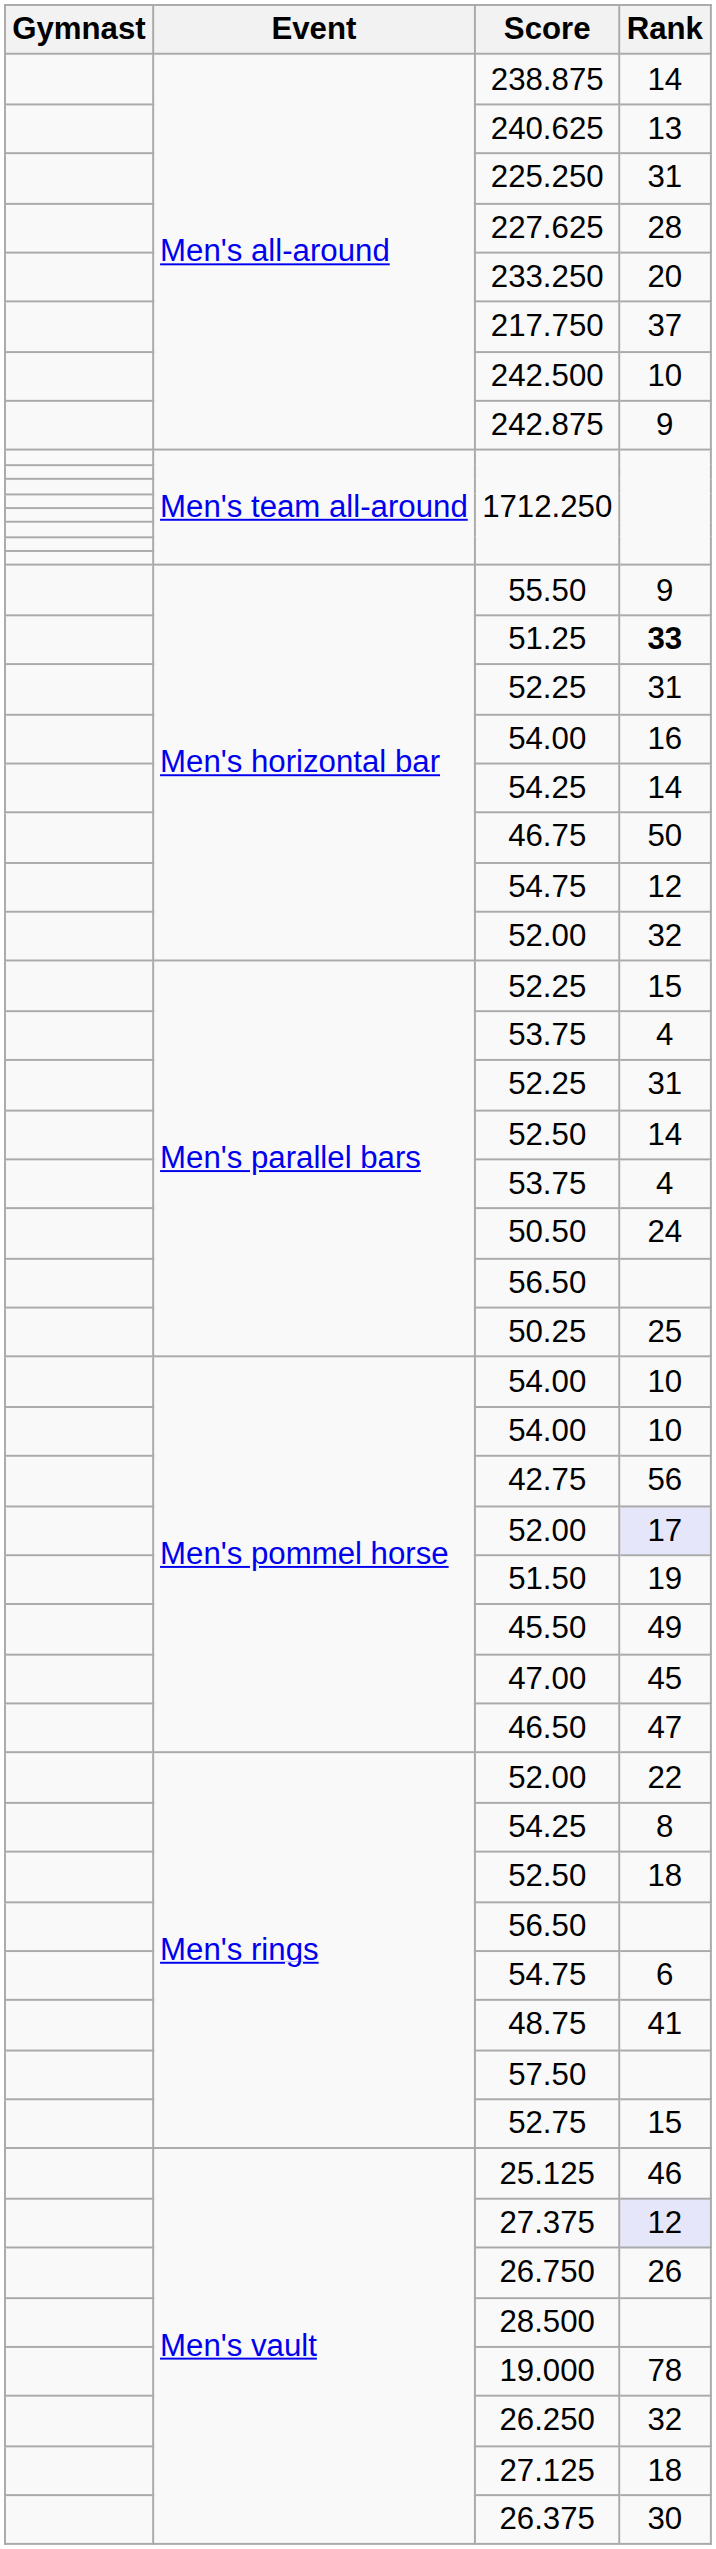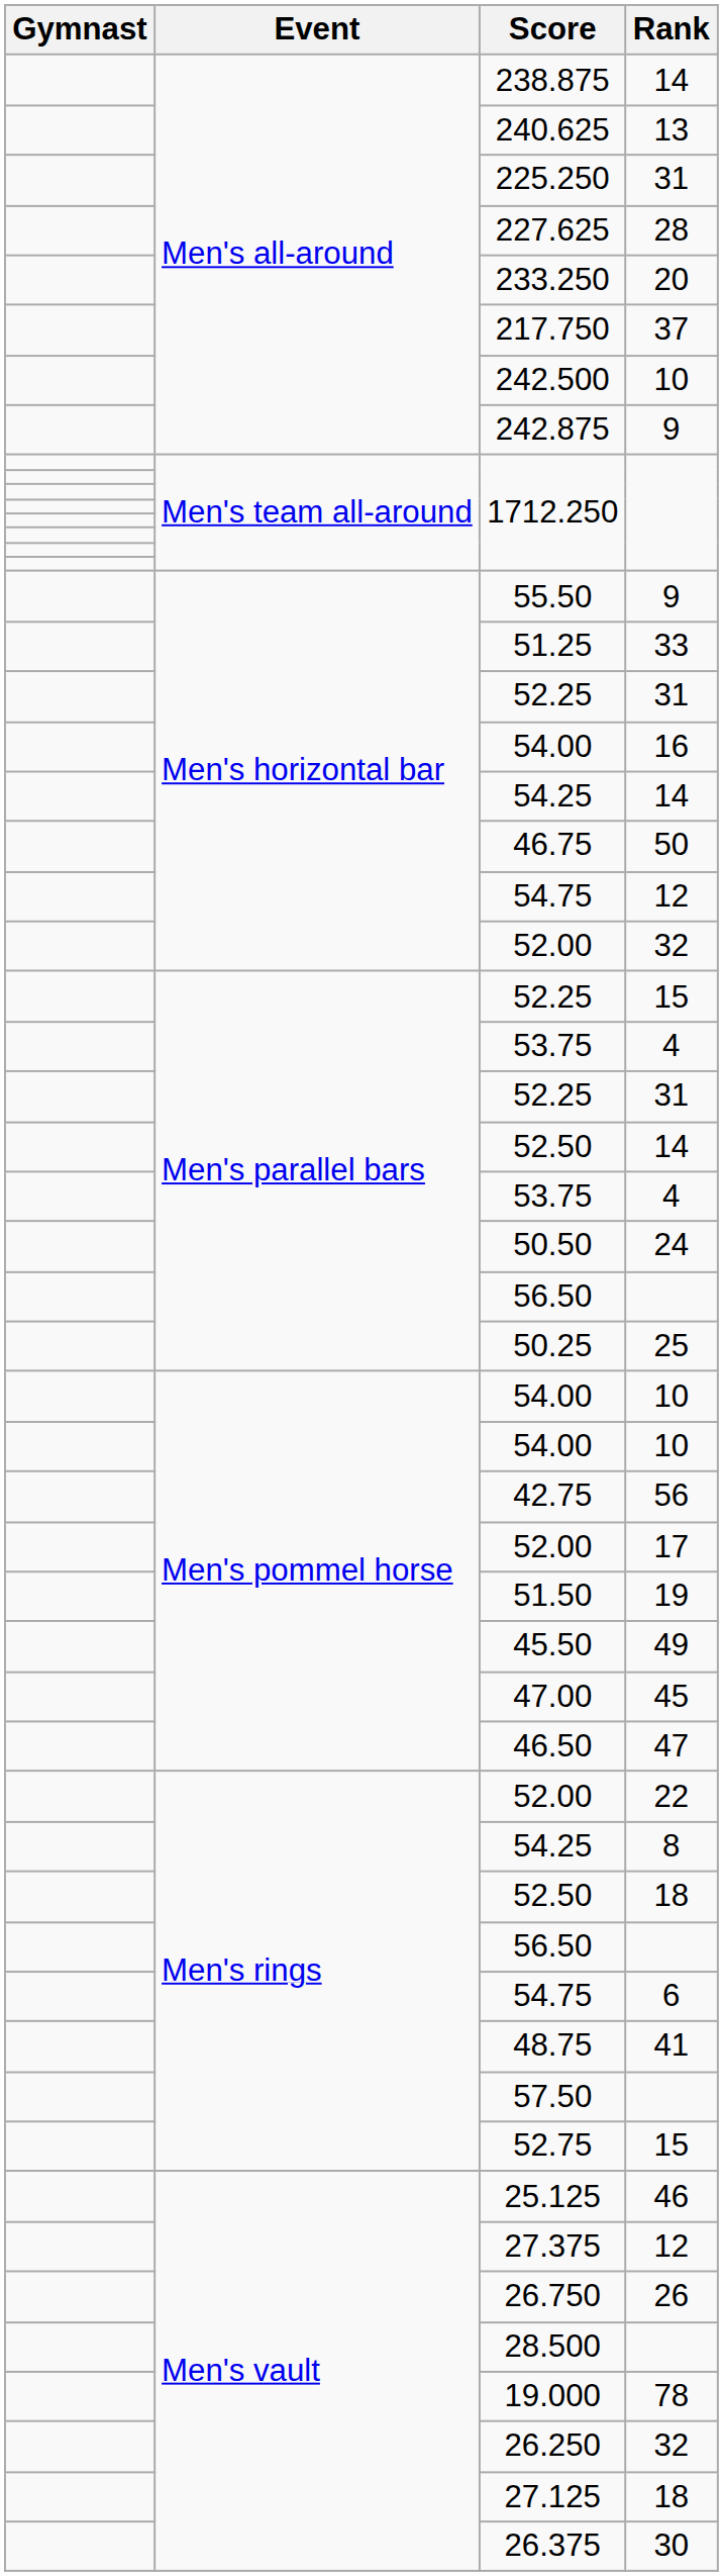 <table class="wikitable sortable" style="text-align:center">
 <tr>
 <th>Gymnast</th>
 <th>Event</th>
 <th>Score</th>
 <th>Rank</th>
 </tr>
 <tr>
 <td align=left></td>
 <td align=left rowspan=8><a href='#'>Men's all-around</a></td>
 <td>238.875</td>
 <td>14</td>
 </tr>
 <tr>
 <td align=left></td>
 <td>240.625</td>
 <td>13</td>
 </tr>
 <tr>
 <td align=left></td>
 <td>225.250</td>
 <td>31</td>
 </tr>
 <tr>
 <td align=left></td>
 <td>227.625</td>
 <td>28</td>
 </tr>
 <tr>
 <td align=left></td>
 <td>233.250</td>
 <td>20</td>
 </tr>
 <tr>
 <td align=left></td>
 <td>217.750</td>
 <td>37</td>
 </tr>
 <tr>
 <td align=left></td>
 <td>242.500</td>
 <td>10</td>
 </tr>
 <tr>
 <td align=left></td>
 <td>242.875</td>
 <td>9</td>
 </tr>
 <tr>
 <td align=left><strong></strong></td>
 <td align=left rowspan=8><a href='#'>Men's team all-around</a></td>
 <td rowspan=8>1712.250</td>
 <td rowspan=8></td>
 </tr>
 <tr>
 <td align=left><strong></strong></td>
 </tr>
 <tr>
 <td align=left><strong></strong></td>
 </tr>
 <tr>
 <td align=left><strong></strong></td>
 </tr>
 <tr>
 <td align=left><strong></strong></td>
 </tr>
 <tr>
 <td align=left><strong></strong></td>
 </tr>
 <tr>
 <td align=left><strong></strong></td>
 </tr>
 <tr>
 <td align=left><strong></strong></td>
 </tr>
 <tr>
 <td align=left></td>
 <td align=left rowspan=8><a href='#'>Men's horizontal bar</a></td>
 <td>55.50</td>
 <td>9</td>
 </tr>
 <tr>
 <td align=left></td>
 <td>51.25</td>
-<td><strong>33</strong></td>
+<td>33</td>
 </tr>
 <tr>
 <td align=left></td>
 <td>52.25</td>
 <td>31</td>
 </tr>
 <tr>
 <td align=left></td>
 <td>54.00</td>
 <td>16</td>
 </tr>
 <tr>
 <td align=left></td>
 <td>54.25</td>
 <td>14</td>
 </tr>
 <tr>
 <td align=left></td>
 <td>46.75</td>
 <td>50</td>
 </tr>
 <tr>
 <td align=left></td>
 <td>54.75</td>
 <td>12</td>
 </tr>
 <tr>
 <td align=left></td>
 <td>52.00</td>
 <td>32</td>
 </tr>
 <tr>
 <td align=left></td>
 <td align=left rowspan=8><a href='#'>Men's parallel bars</a></td>
 <td>52.25</td>
 <td>15</td>
 </tr>
 <tr>
 <td align=left></td>
 <td>53.75</td>
 <td>4</td>
 </tr>
 <tr>
 <td align=left></td>
 <td>52.25</td>
 <td>31</td>
 </tr>
 <tr>
 <td align=left></td>
 <td>52.50</td>
 <td>14</td>
 </tr>
 <tr>
 <td align=left></td>
 <td>53.75</td>
 <td>4</td>
 </tr>
 <tr>
 <td align=left></td>
 <td>50.50</td>
 <td>24</td>
 </tr>
 <tr>
 <td align=left><strong></strong></td>
 <td>56.50</td>
 <td></td>
 </tr>
 <tr>
 <td align=left></td>
 <td>50.25</td>
 <td>25</td>
 </tr>
 <tr>
 <td align=left></td>
 <td align=left rowspan=8><a href='#'>Men's pommel horse</a></td>
 <td>54.00</td>
 <td>10</td>
 </tr>
 <tr>
 <td align=left></td>
 <td>54.00</td>
 <td>10</td>
 </tr>
 <tr>
 <td align=left></td>
 <td>42.75</td>
 <td>56</td>
 </tr>
 <tr>
 <td align=left></td>
 <td>52.00</td>
-<td style="background: lavender;">17</td>
+<td>17</td>
 </tr>
 <tr>
 <td align=left></td>
 <td>51.50</td>
 <td>19</td>
 </tr>
 <tr>
 <td align=left></td>
 <td>45.50</td>
 <td>49</td>
 </tr>
 <tr>
 <td align=left></td>
 <td>47.00</td>
 <td>45</td>
 </tr>
 <tr>
 <td align=left></td>
 <td>46.50</td>
 <td>47</td>
 </tr>
 <tr>
 <td align=left></td>
 <td align=left rowspan=8><a href='#'>Men's rings</a></td>
 <td>52.00</td>
 <td>22</td>
 </tr>
 <tr>
 <td align=left></td>
 <td>54.25</td>
 <td>8</td>
 </tr>
 <tr>
 <td align=left></td>
 <td>52.50</td>
 <td>18</td>
 </tr>
 <tr>
 <td align=left><strong></strong></td>
 <td>56.50</td>
 <td></td>
 </tr>
 <tr>
 <td align=left></td>
 <td>54.75</td>
 <td>6</td>
 </tr>
 <tr>
 <td align=left></td>
 <td>48.75</td>
 <td>41</td>
 </tr>
 <tr>
 <td align=left><strong></strong></td>
 <td>57.50</td>
 <td></td>
 </tr>
 <tr>
 <td align=left></td>
 <td>52.75</td>
 <td>15</td>
 </tr>
 <tr>
 <td align=left></td>
 <td align=left rowspan=8><a href='#'>Men's vault</a></td>
 <td>25.125</td>
 <td>46</td>
 </tr>
 <tr>
 <td align=left></td>
 <td>27.375</td>
-<td style="background: lavender;">12</td>
+<td>12</td>
 </tr>
 <tr>
 <td align=left></td>
 <td>26.750</td>
 <td>26</td>
 </tr>
 <tr>
 <td align=left><strong></strong></td>
 <td>28.500</td>
 <td></td>
 </tr>
 <tr>
 <td align=left></td>
 <td>19.000</td>
 <td>78</td>
 </tr>
 <tr>
 <td align=left></td>
 <td>26.250</td>
 <td>32</td>
 </tr>
 <tr>
 <td align=left></td>
 <td>27.125</td>
 <td>18</td>
 </tr>
 <tr>
 <td align=left></td>
 <td>26.375</td>
 <td>30</td>
 </tr>
 </table>
